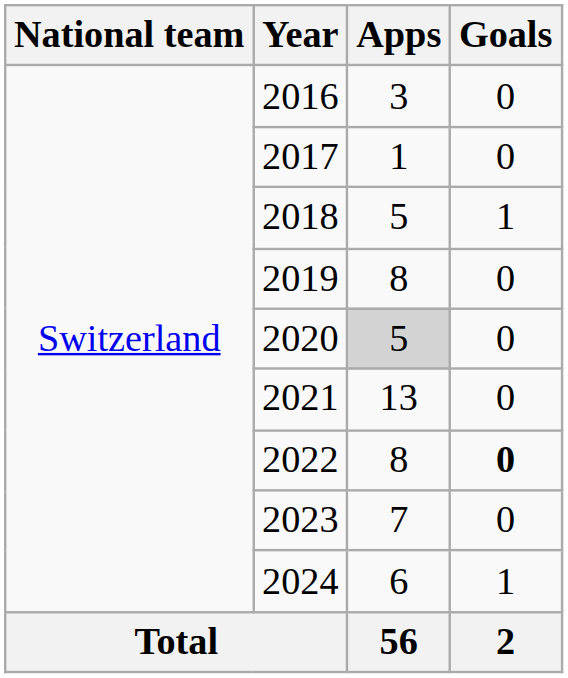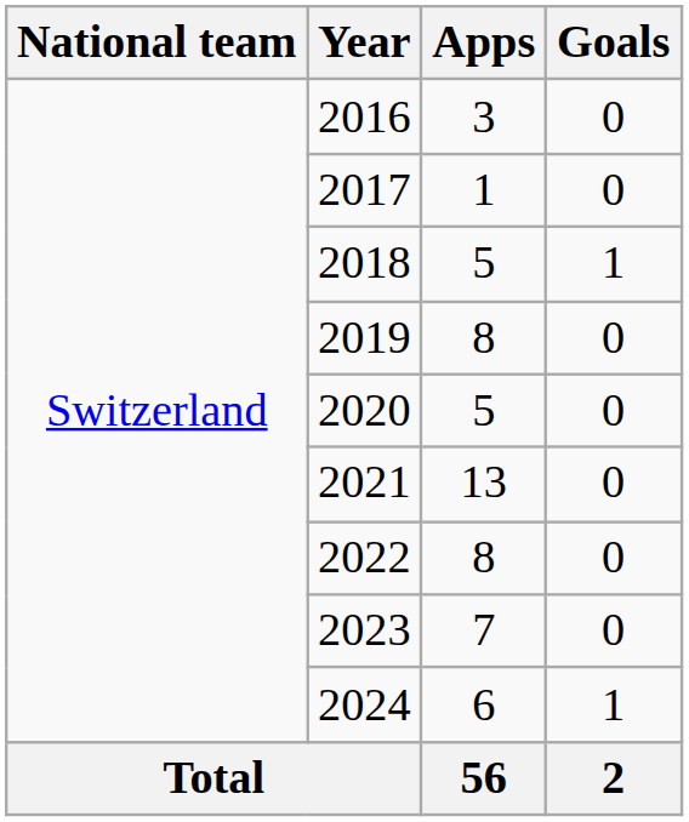 <table class="wikitable" style="text-align:center">
 <tr>
 <th>National team</th>
 <th>Year</th>
 <th>Apps</th>
 <th>Goals</th>
 </tr>
 <tr>
 <td rowspan="9"><a href='#'>Switzerland</a></td>
 <td>2016</td>
 <td>3</td>
 <td>0</td>
 </tr>
 <tr>
 <td>2017</td>
 <td>1</td>
 <td>0</td>
 </tr>
 <tr>
 <td>2018</td>
 <td>5</td>
 <td>1</td>
 </tr>
 <tr>
 <td>2019</td>
 <td>8</td>
 <td>0</td>
 </tr>
 <tr>
 <td>2020</td>
-<td style="background: lightgrey;">5</td>
+<td>5</td>
 <td>0</td>
 </tr>
 <tr>
 <td>2021</td>
 <td>13</td>
 <td>0</td>
 </tr>
 <tr>
 <td>2022</td>
 <td>8</td>
-<td><strong>0</strong></td>
+<td>0</td>
 </tr>
 <tr>
 <td>2023</td>
 <td>7</td>
 <td>0</td>
 </tr>
 <tr>
 <td>2024</td>
 <td>6</td>
 <td>1</td>
 </tr>
 <tr>
 <th colspan="2">Total</th>
 <th>56</th>
 <th>2</th>
 </tr>
 </table>
